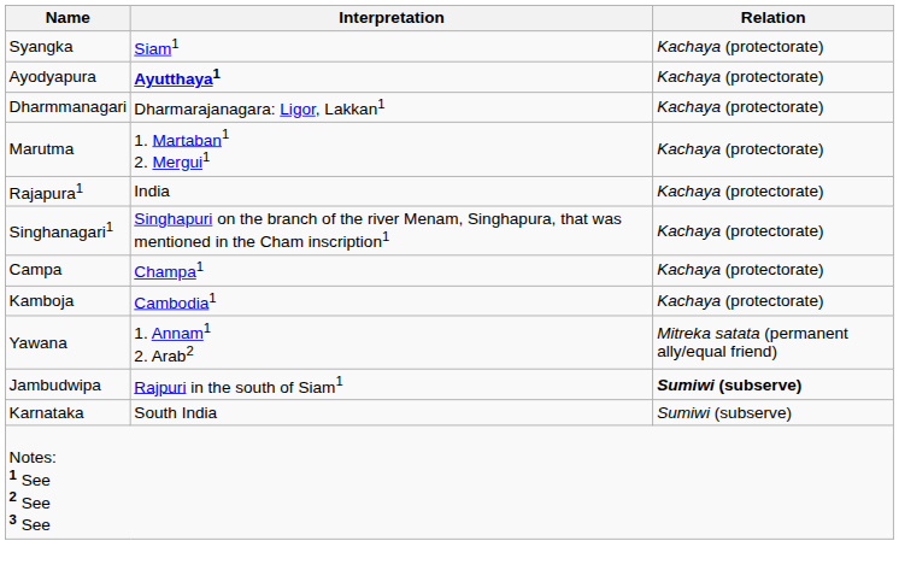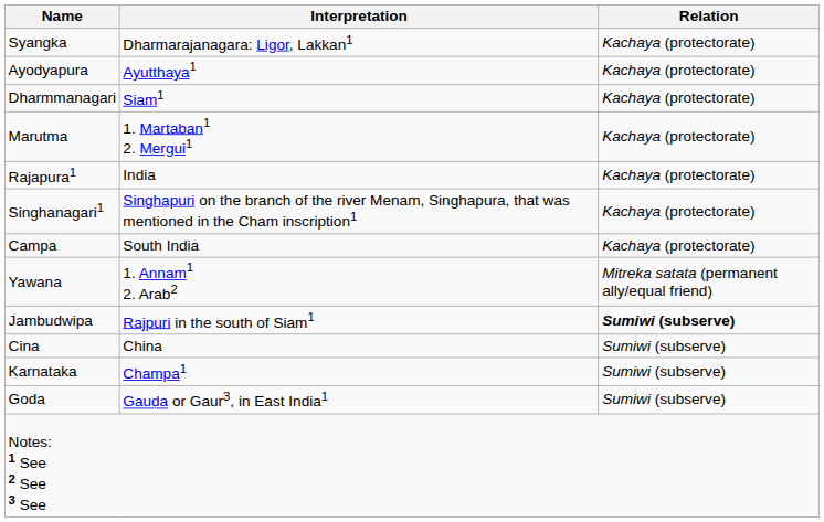 <table class="wikitable">
 <tr>
 <th>Name</th>
 <th>Interpretation</th>
 <th>Relation</th>
 </tr>
 <tr>
 <td>Syangka</td>
-<td><a href='#'>Siam</a><sup>1</sup></td>
+<td>Dharmarajanagara: <a href='#'>Ligor</a>, Lakkan<sup>1</sup></td>
 <td><em>Kachaya</em> (protectorate)</td>
 </tr>
 <tr>
 <td>Ayodyapura</td>
-<td><strong><a href='#'>Ayutthaya</a><sup>1</sup></strong></td>
+<td><a href='#'>Ayutthaya</a><sup>1</sup></td>
 <td><em>Kachaya</em> (protectorate)</td>
 </tr>
 <tr>
 <td>Dharmmanagari</td>
-<td>Dharmarajanagara: <a href='#'>Ligor</a>, Lakkan<sup>1</sup></td>
+<td><a href='#'>Siam</a><sup>1</sup></td>
 <td><em>Kachaya</em> (protectorate)</td>
 </tr>
 <tr>
 <td>Marutma</td>
 <td>1. <a href='#'>Martaban</a><sup>1</sup><br>2. <a href='#'>Mergui</a><sup>1</sup></td>
 <td><em>Kachaya</em> (protectorate)</td>
 </tr>
 <tr>
 <td>Rajapura<sup>1</sup></td>
 <td>India</td>
 <td><em>Kachaya</em> (protectorate)</td>
 </tr>
 <tr>
 <td>Singhanagari<sup>1</sup></td>
 <td><a href='#'>Singhapuri</a> on the branch of the river Menam, Singhapura, that was mentioned in the Cham inscription<sup>1</sup></td>
 <td><em>Kachaya</em> (protectorate)</td>
 </tr>
 <tr>
 <td>Campa</td>
-<td><a href='#'>Champa</a><sup>1</sup></td>
-<td><em>Kachaya</em> (protectorate)</td>
-</tr>
-<tr>
-<td>Kamboja</td>
-<td><a href='#'>Cambodia</a><sup>1</sup></td>
+<td>South India</td>
 <td><em>Kachaya</em> (protectorate)</td>
 </tr>
 <tr>
 <td>Yawana</td>
 <td>1. <a href='#'>Annam</a><sup>1</sup><br>2. Arab<sup>2</sup></td>
 <td><em>Mitreka satata</em> (permanent ally/equal friend)</td>
 </tr>
 <tr>
 <td>Jambudwipa</td>
 <td><a href='#'>Rajpuri</a> in the south of Siam<sup>1</sup></td>
 <td><strong><em>Sumiwi</em> (subserve)</strong></td>
 </tr>
 <tr>
+<td>Cina</td>
+<td>China</td>
+<td><em>Sumiwi</em> (subserve)</td>
+</tr>
+<tr>
 <td>Karnataka</td>
-<td>South India</td>
+<td><a href='#'>Champa</a><sup>1</sup></td>
+<td><em>Sumiwi</em> (subserve)</td>
+</tr>
+<tr>
+<td>Goda</td>
+<td><a href='#'>Gauḍa</a> or Gaur<sup>3</sup>, in East India<sup>1</sup></td>
 <td><em>Sumiwi</em> (subserve)</td>
 </tr>
 <tr>
 <td colspan="3"><br>Notes:<br> <sup><strong>1</strong></sup> See <br> <sup><strong>2</strong></sup> See <br> <sup><strong>3</strong></sup> See </td>
 </tr>
 </table>
